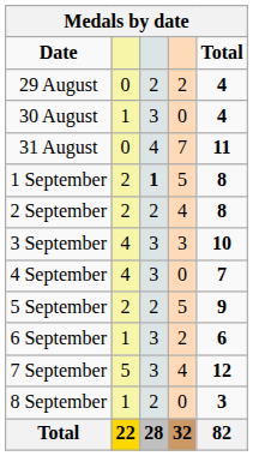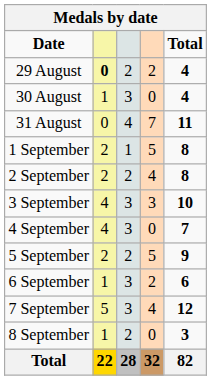 <table class="wikitable" style="font-size:85%">
 <tr bgcolor="#efefef">
 <th colspan=6>Medals by date</th>
 </tr>
 <tr align=center>
 <td><strong>Date</strong></td>
 <td bgcolor=#f7f6a8></td>
 <td bgcolor=#dce5e5></td>
 <td bgcolor=#ffdab9></td>
 <td><strong>Total</strong></td>
 </tr>
 <tr align=center>
 <td>29 August</td>
-<td style="background:#F7F6A8;">0</td>
+<td style="background:#F7F6A8;"><strong>0</strong></td>
 <td style="background:#DCE5E5;">2</td>
 <td style="background:#FFDAB9;">2</td>
 <td><strong>4</strong></td>
 </tr>
 <tr align=center>
 <td>30 August</td>
 <td style="background:#F7F6A8;">1</td>
 <td style="background:#DCE5E5;">3</td>
 <td style="background:#FFDAB9;">0</td>
 <td><strong>4</strong></td>
 </tr>
 <tr align=center>
 <td>31 August</td>
 <td style="background:#F7F6A8;">0</td>
 <td style="background:#DCE5E5;">4</td>
 <td style="background:#FFDAB9;">7</td>
 <td><strong>11</strong></td>
 </tr>
 <tr align=center>
 <td>1 September</td>
 <td style="background:#F7F6A8;">2</td>
-<td style="background:#DCE5E5;"><strong>1</strong></td>
+<td style="background:#DCE5E5;">1</td>
 <td style="background:#FFDAB9;">5</td>
 <td><strong>8</strong></td>
 </tr>
 <tr align=center>
 <td>2 September</td>
 <td style="background:#F7F6A8;">2</td>
 <td style="background:#DCE5E5;">2</td>
 <td style="background:#FFDAB9;">4</td>
 <td><strong>8</strong></td>
 </tr>
 <tr align=center>
 <td>3 September</td>
 <td style="background:#F7F6A8;">4</td>
 <td style="background:#DCE5E5;">3</td>
 <td style="background:#FFDAB9;">3</td>
 <td><strong>10</strong></td>
 </tr>
 <tr align=center>
 <td>4 September</td>
 <td style="background:#F7F6A8;">4</td>
 <td style="background:#DCE5E5;">3</td>
 <td style="background:#FFDAB9;">0</td>
 <td><strong>7</strong></td>
 </tr>
 <tr align=center>
 <td>5 September</td>
 <td style="background:#F7F6A8;">2</td>
 <td style="background:#DCE5E5;">2</td>
 <td style="background:#FFDAB9;">5</td>
 <td><strong>9</strong></td>
 </tr>
 <tr align=center>
 <td>6 September</td>
 <td style="background:#F7F6A8;">1</td>
 <td style="background:#DCE5E5;">3</td>
 <td style="background:#FFDAB9;">2</td>
 <td><strong>6</strong></td>
 </tr>
 <tr align=center>
 <td>7 September</td>
 <td style="background:#F7F6A8;">5</td>
 <td style="background:#DCE5E5;">3</td>
 <td style="background:#FFDAB9;">4</td>
 <td><strong>12</strong></td>
 </tr>
 <tr align=center>
 <td>8 September</td>
 <td style="background:#F7F6A8;">1</td>
 <td style="background:#DCE5E5;">2</td>
 <td style="background:#FFDAB9;">0</td>
 <td><strong>3</strong></td>
 </tr>
 <tr align=center>
 <th><strong>Total</strong></th>
 <th style="background:gold;"><strong>22</strong></th>
 <th style="background:silver;"><strong>28</strong></th>
 <th style="background:#c96;"><strong>32</strong></th>
 <th>82</th>
 </tr>
 </table>
